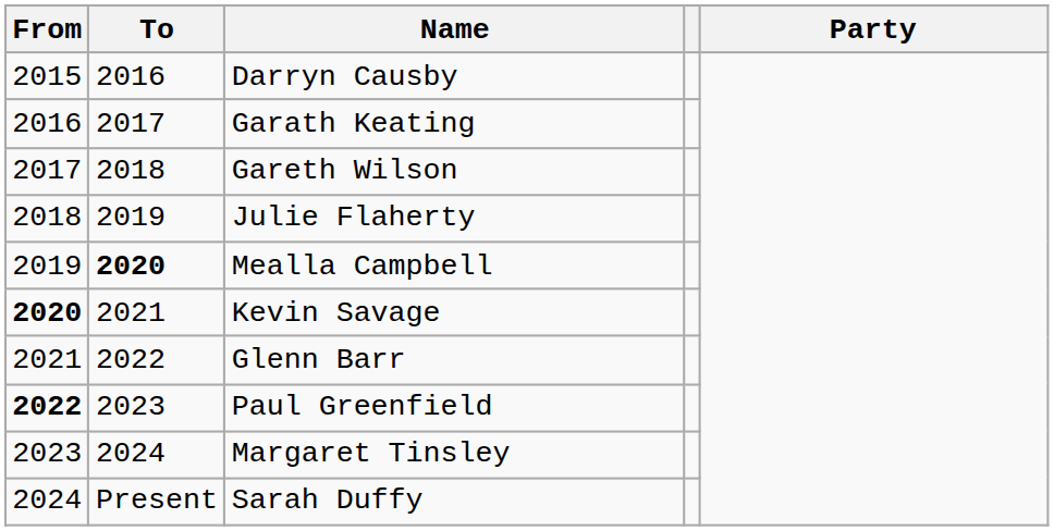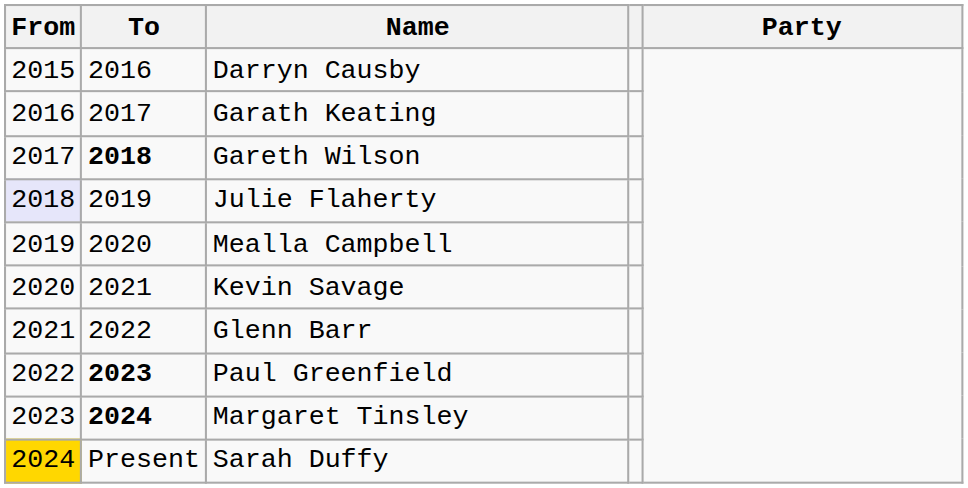 <table class="wikitable sortable">
 <tr>
 <th>From</th>
 <th>To</th>
 <th scope="col" style="width:200px;">Name</th>
 <th class="unsortable"></th>
 <th scope="col" style="width:150px;">Party</th>
 </tr>
 <tr>
 <td>2015</td>
 <td>2016</td>
 <td>Darryn Causby</td>
 <td></td>
 </tr>
 <tr>
 <td>2016</td>
 <td>2017</td>
 <td>Garath Keating</td>
 <td></td>
 </tr>
 <tr>
 <td>2017</td>
-<td>2018</td>
+<td><strong>2018</strong></td>
 <td>Gareth Wilson</td>
 <td></td>
 </tr>
 <tr>
-<td>2018</td>
+<td style="background: lavender;">2018</td>
 <td>2019</td>
 <td>Julie Flaherty</td>
 <td></td>
 </tr>
 <tr>
 <td>2019</td>
-<td><strong>2020</strong></td>
+<td>2020</td>
 <td>Mealla Campbell</td>
 <td></td>
 </tr>
 <tr>
-<td><strong>2020</strong></td>
+<td>2020</td>
 <td>2021</td>
 <td>Kevin Savage</td>
 <td></td>
 </tr>
 <tr>
 <td>2021</td>
 <td>2022</td>
 <td>Glenn Barr</td>
 <td></td>
 </tr>
 <tr>
-<td><strong>2022</strong></td>
-<td>2023</td>
+<td>2022</td>
+<td><strong>2023</strong></td>
 <td>Paul Greenfield</td>
 <td></td>
 </tr>
 <tr>
 <td>2023</td>
-<td>2024</td>
+<td><strong>2024</strong></td>
 <td>Margaret Tinsley</td>
 <td></td>
 </tr>
 <tr>
-<td>2024</td>
+<td style="background: gold;">2024</td>
 <td>Present</td>
 <td>Sarah Duffy</td>
 <td></td>
 </tr>
 </table>
